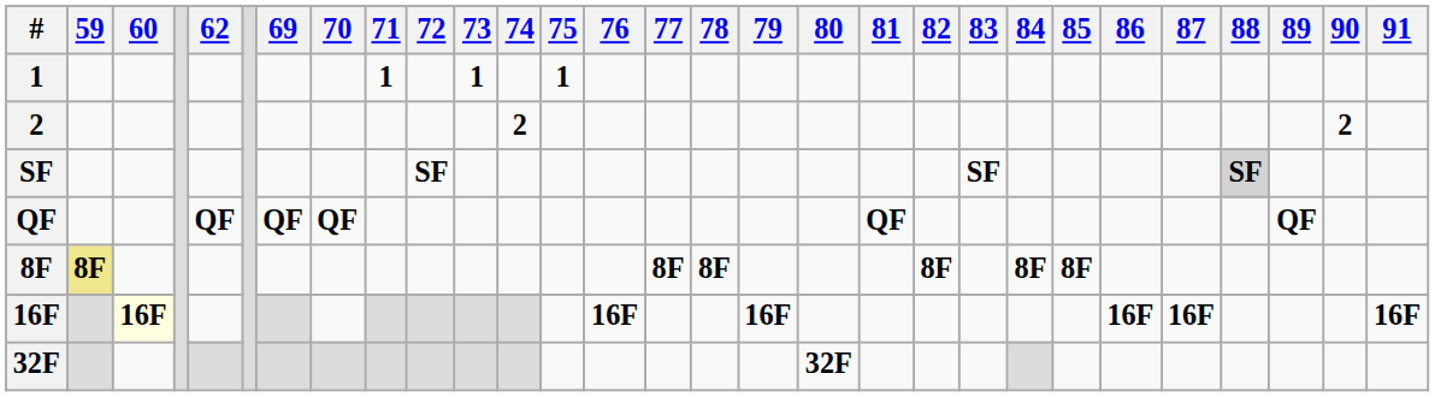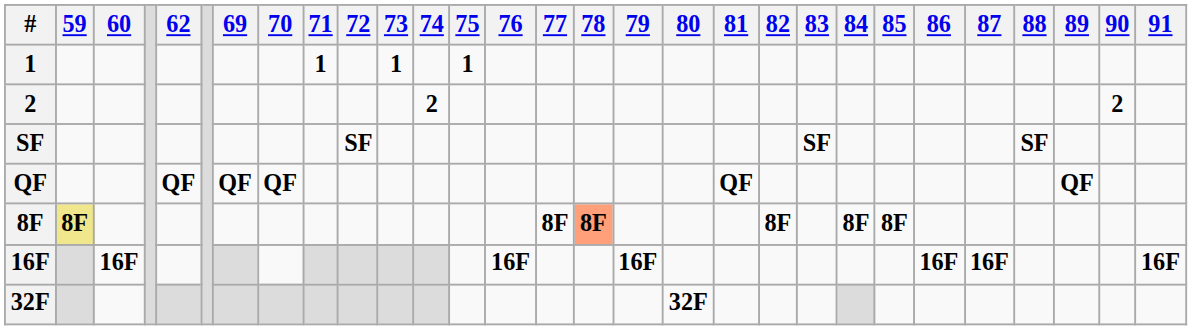 <table class="wikitable" style="text-align: center; font-size:80%">
 <tr>
 <th>#</th>
 <th><strong><a href='#'>59</a></strong></th>
 <th><strong><a href='#'>60</a></strong></th>
 <th rowspan="8" style="background:#dcdcdc"></th>
 <th><strong><a href='#'>62</a></strong></th>
 <th rowspan="8" style="background:#dcdcdc"></th>
 <th><strong><a href='#'>69</a></strong></th>
 <th><strong><a href='#'>70</a></strong></th>
 <th><strong><a href='#'>71</a></strong></th>
 <th><strong><a href='#'>72</a></strong></th>
 <th><strong><a href='#'>73</a></strong></th>
 <th><strong><a href='#'>74</a></strong></th>
 <th><strong><a href='#'>75</a></strong></th>
 <th><strong><a href='#'>76</a></strong></th>
 <th><strong><a href='#'>77</a></strong></th>
 <th><strong><a href='#'>78</a></strong></th>
 <th><strong><a href='#'>79</a></strong></th>
 <th><strong><a href='#'>80</a></strong></th>
 <th><strong><a href='#'>81</a></strong></th>
 <th><strong><a href='#'>82</a></strong></th>
 <th><strong><a href='#'>83</a></strong></th>
 <th><strong><a href='#'>84</a></strong></th>
 <th><strong><a href='#'>85</a></strong></th>
 <th><strong><a href='#'>86</a></strong></th>
 <th><strong><a href='#'>87</a></strong></th>
 <th><strong><a href='#'>88</a></strong></th>
 <th><strong><a href='#'>89</a></strong></th>
 <th><strong><a href='#'>90</a></strong></th>
 <th><strong><a href='#'>91</a></strong></th>
 </tr>
 <tr>
 <th>1</th>
 <td></td>
 <td></td>
 <td></td>
 <td></td>
 <td></td>
 <td><span><strong>1</strong></span></td>
 <td></td>
 <td><span><strong>1</strong></span></td>
 <td></td>
 <td><span><strong>1</strong></span></td>
 <td></td>
 <td></td>
 <td></td>
 <td></td>
 <td></td>
 <td></td>
 <td></td>
 <td></td>
 <td></td>
 <td></td>
 <td></td>
 <td></td>
 <td></td>
 <td></td>
 <td></td>
 <td></td>
 </tr>
 <tr>
 <th>2</th>
 <td></td>
 <td></td>
 <td></td>
 <td></td>
 <td></td>
 <td></td>
 <td></td>
 <td></td>
 <td><span><strong>2</strong></span></td>
 <td></td>
 <td></td>
 <td></td>
 <td></td>
 <td></td>
 <td></td>
 <td></td>
 <td></td>
 <td></td>
 <td></td>
 <td></td>
 <td></td>
 <td></td>
 <td></td>
 <td></td>
 <td><span><strong>2</strong></span></td>
 <td></td>
 </tr>
 <tr>
 <th>SF</th>
 <td></td>
 <td></td>
 <td></td>
 <td></td>
 <td></td>
 <td></td>
 <td><span><strong>SF</strong></span></td>
 <td></td>
 <td></td>
 <td></td>
 <td></td>
 <td></td>
 <td></td>
 <td></td>
 <td></td>
 <td></td>
 <td></td>
 <td><span><strong>SF</strong></span></td>
 <td></td>
 <td></td>
 <td></td>
 <td></td>
-<td style="background: lightgrey;"><span><strong>SF</strong></span></td>
+<td><span><strong>SF</strong></span></td>
 <td></td>
 <td></td>
 <td></td>
 </tr>
 <tr>
 <th>QF</th>
 <td></td>
 <td></td>
 <td><span><strong>QF</strong></span></td>
 <td><span><strong>QF</strong></span></td>
 <td><span><strong>QF</strong></span></td>
 <td></td>
 <td></td>
 <td></td>
 <td></td>
 <td></td>
 <td></td>
 <td></td>
 <td></td>
 <td></td>
 <td></td>
 <td><span><strong>QF</strong></span></td>
 <td></td>
 <td></td>
 <td></td>
 <td></td>
 <td></td>
 <td></td>
 <td></td>
 <td><span><strong>QF</strong></span></td>
 <td></td>
 <td></td>
 </tr>
 <tr>
 <th>8F</th>
 <td style="background: khaki;"><span><strong>8F</strong></span></td>
 <td></td>
 <td></td>
 <td></td>
 <td></td>
 <td></td>
 <td></td>
 <td></td>
 <td></td>
 <td></td>
 <td></td>
 <td><span><strong>8F</strong></span></td>
-<td><span><strong>8F</strong></span></td>
+<td style="background: lightsalmon;"><span><strong>8F</strong></span></td>
 <td></td>
 <td></td>
 <td></td>
 <td><span><strong>8F</strong></span></td>
 <td></td>
 <td><span><strong>8F</strong></span></td>
 <td><span><strong>8F</strong></span></td>
 <td></td>
 <td></td>
 <td></td>
 <td></td>
 <td></td>
 <td></td>
 </tr>
 <tr>
 <th>16F</th>
 <td style="background:#dcdcdc"></td>
-<td style="background: lightyellow;"><span><strong>16F</strong></span></td>
+<td><span><strong>16F</strong></span></td>
 <td></td>
 <td style="background:#dcdcdc"></td>
 <td></td>
 <td style="background:#dcdcdc"></td>
 <td style="background:#dcdcdc"></td>
 <td style="background:#dcdcdc"></td>
 <td style="background:#dcdcdc"></td>
 <td></td>
 <td><span><strong>16F</strong></span></td>
 <td></td>
 <td></td>
 <td><span><strong>16F</strong></span></td>
 <td></td>
 <td></td>
 <td></td>
 <td></td>
 <td></td>
 <td></td>
 <td><span><strong>16F</strong></span></td>
 <td><span><strong>16F</strong></span></td>
 <td></td>
 <td></td>
 <td></td>
 <td><span><strong>16F</strong></span></td>
 </tr>
 <tr>
 <th>32F</th>
 <td style="background:#dcdcdc"></td>
 <td></td>
 <td style="background:#dcdcdc"></td>
 <td style="background:#dcdcdc"></td>
 <td style="background:#dcdcdc"></td>
 <td style="background:#dcdcdc"></td>
 <td style="background:#dcdcdc"></td>
 <td style="background:#dcdcdc"></td>
 <td style="background:#dcdcdc"></td>
 <td></td>
 <td></td>
 <td></td>
 <td></td>
 <td></td>
 <td><span><strong>32F</strong></span></td>
 <td></td>
 <td></td>
 <td></td>
 <td style="background:#dcdcdc"></td>
 <td></td>
 <td></td>
 <td></td>
 <td></td>
 <td></td>
 <td></td>
 <td></td>
 </tr>
 </table>
